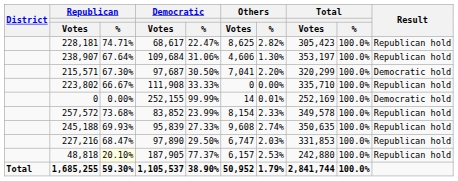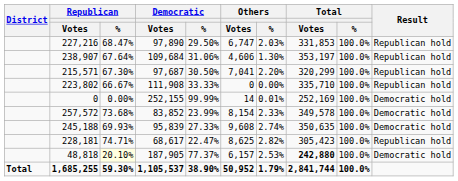 <table class="wikitable plainrowheaders sortable" style="font-size:100%; text-align:right;">
 <tr>
 <th scope=col rowspan=3><a href='#'>District</a></th>
 <th scope=col colspan=2><a href='#'>Republican</a></th>
 <th scope=col colspan=2><a href='#'>Democratic</a></th>
 <th scope=col colspan=2>Others</th>
 <th scope=col colspan=2>Total</th>
 <th scope=col rowspan=3>Result</th>
 </tr>
 <tr>
 <th scope=col colspan=2 style="background:"></th>
 <th scope=col colspan=2 style="background:"></th>
 <th scope=col colspan=2></th>
 <th scope=col colspan=2></th>
 </tr>
 <tr>
 <th scope=col data-sort-type="number">Votes</th>
 <th scope=col data-sort-type="number">%</th>
 <th scope=col data-sort-type="number">Votes</th>
 <th scope=col data-sort-type="number">%</th>
 <th scope=col data-sort-type="number">Votes</th>
 <th scope=col data-sort-type="number">%</th>
 <th scope=col data-sort-type="number">Votes</th>
 <th scope=col data-sort-type="number">%</th>
 </tr>
 <tr>
 <td align=left></td>
-<td>228,181</td>
-<td>74.71%</td>
-<td>68,617</td>
-<td>22.47%</td>
-<td>8,625</td>
-<td>2.82%</td>
-<td>305,423</td>
+<td>227,216</td>
+<td>68.47%</td>
+<td>97,890</td>
+<td>29.50%</td>
+<td>6,747</td>
+<td>2.03%</td>
+<td>331,853</td>
 <td>100.0%</td>
 <td align=left>Republican hold</td>
 </tr>
 <tr>
 <td align=left></td>
 <td>238,907</td>
 <td>67.64%</td>
 <td>109,684</td>
 <td>31.06%</td>
 <td>4,606</td>
 <td>1.30%</td>
 <td>353,197</td>
 <td>100.0%</td>
 <td align=left>Republican hold</td>
 </tr>
 <tr>
 <td align=left></td>
 <td>215,571</td>
 <td>67.30%</td>
 <td>97,687</td>
 <td>30.50%</td>
 <td>7,041</td>
 <td>2.20%</td>
 <td>320,299</td>
 <td>100.0%</td>
-<td align=left>Democratic hold</td>
+<td align=left>Republican hold</td>
 </tr>
 <tr>
 <td align=left></td>
 <td>223,802</td>
 <td>66.67%</td>
 <td>111,908</td>
 <td>33.33%</td>
 <td>0</td>
 <td>0.00%</td>
 <td>335,710</td>
 <td>100.0%</td>
 <td align=left>Republican hold</td>
 </tr>
 <tr>
 <td align=left></td>
 <td>0</td>
 <td>0.00%</td>
 <td>252,155</td>
 <td>99.99%</td>
 <td>14</td>
 <td>0.01%</td>
 <td>252,169</td>
 <td>100.0%</td>
 <td align=left>Democratic hold</td>
 </tr>
 <tr>
 <td align=left></td>
 <td>257,572</td>
 <td>73.68%</td>
 <td>83,852</td>
 <td>23.99%</td>
 <td>8,154</td>
 <td>2.33%</td>
 <td>349,578</td>
 <td>100.0%</td>
-<td align=left>Republican hold</td>
+<td align=left>Democratic hold</td>
 </tr>
 <tr>
 <td align=left></td>
 <td>245,188</td>
 <td>69.93%</td>
 <td>95,839</td>
 <td>27.33%</td>
 <td>9,608</td>
 <td>2.74%</td>
 <td>350,635</td>
 <td>100.0%</td>
-<td align=left>Republican hold</td>
+<td align=left>Democratic hold</td>
 </tr>
 <tr>
 <td align=left></td>
-<td>227,216</td>
-<td>68.47%</td>
-<td>97,890</td>
-<td>29.50%</td>
-<td>6,747</td>
-<td>2.03%</td>
-<td>331,853</td>
+<td>228,181</td>
+<td>74.71%</td>
+<td>68,617</td>
+<td>22.47%</td>
+<td>8,625</td>
+<td>2.82%</td>
+<td>305,423</td>
 <td>100.0%</td>
 <td align=left>Republican hold</td>
 </tr>
 <tr>
 <td align=left></td>
 <td>48,818</td>
 <td style="background: lightyellow;">20.10%</td>
 <td>187,905</td>
 <td>77.37%</td>
 <td>6,157</td>
 <td>2.53%</td>
-<td>242,880</td>
+<td><strong>242,880</strong></td>
 <td>100.0%</td>
-<td align=left>Republican hold</td>
+<td align=left>Democratic hold</td>
 </tr>
 <tr class="sortbottom" style="font-weight:bold">
 <td align=left>Total</td>
 <td>1,685,255</td>
 <td>59.30%</td>
 <td>1,105,537</td>
 <td>38.90%</td>
 <td>50,952</td>
 <td>1.79%</td>
 <td>2,841,744</td>
 <td>100.0%</td>
 <td></td>
 </tr>
 </table>
